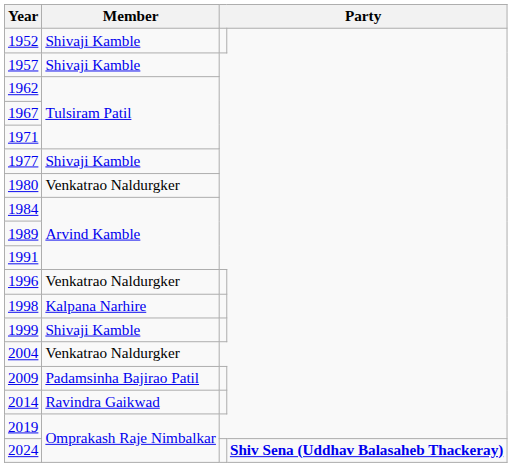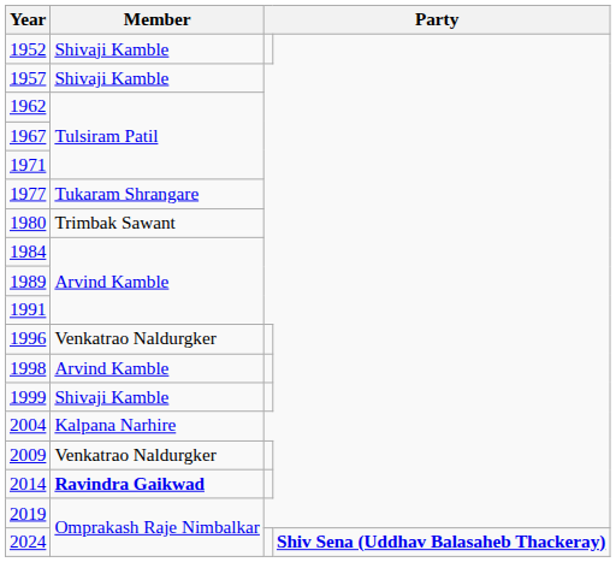 <table class="wikitable">
 <tr>
 <th>Year</th>
 <th>Member</th>
 <th colspan="2">Party</th>
 </tr>
 <tr |->
 <td><a href='#'>1952</a></td>
 <td><a href='#'>Shivaji Kamble</a></td>
 <td></td>
 </tr>
 <tr |->
 <td><a href='#'>1957</a></td>
 <td><a href='#'>Shivaji Kamble</a></td>
 </tr>
 <tr>
 <td><a href='#'>1962</a></td>
 <td rowspan="3"><a href='#'>Tulsiram Patil</a></td>
 </tr>
 <tr>
 <td><a href='#'>1967</a></td>
 </tr>
 <tr>
 <td><a href='#'>1971</a></td>
 </tr>
 <tr>
 <td><a href='#'>1977</a></td>
-<td><a href='#'>Shivaji Kamble</a></td>
+<td><a href='#'>Tukaram Shrangare</a></td>
 </tr>
 <tr>
 <td><a href='#'>1980</a></td>
-<td>Venkatrao Naldurgker</td>
+<td>Trimbak Sawant</td>
 </tr>
 <tr>
 <td><a href='#'>1984</a></td>
 <td rowspan="3"><a href='#'>Arvind Kamble</a></td>
 </tr>
 <tr>
 <td><a href='#'>1989</a></td>
 </tr>
 <tr>
 <td><a href='#'>1991</a></td>
 </tr>
 <tr>
 <td><a href='#'>1996</a></td>
 <td>Venkatrao Naldurgker</td>
 <td></td>
 </tr>
 <tr>
 <td><a href='#'>1998</a></td>
-<td><a href='#'>Kalpana Narhire</a></td>
+<td><a href='#'>Arvind Kamble</a></td>
 <td></td>
 </tr>
 <tr>
 <td><a href='#'>1999</a></td>
 <td><a href='#'>Shivaji Kamble</a></td>
 <td></td>
 </tr>
 <tr>
 <td><a href='#'>2004</a></td>
-<td>Venkatrao Naldurgker</td>
+<td><a href='#'>Kalpana Narhire</a></td>
 </tr>
 <tr>
 <td><a href='#'>2009</a></td>
-<td><a href='#'>Padamsinha Bajirao Patil</a></td>
+<td>Venkatrao Naldurgker</td>
 <td></td>
 </tr>
 <tr>
 <td><a href='#'>2014</a></td>
-<td><a href='#'>Ravindra Gaikwad</a></td>
+<td><strong><a href='#'>Ravindra Gaikwad</a></strong></td>
 <td></td>
 </tr>
 <tr>
 <td><a href='#'>2019</a></td>
 <td rowspan="2"><a href='#'>Omprakash Raje Nimbalkar</a></td>
 </tr>
 <tr>
 <td><a href='#'>2024</a></td>
 <td style="background-color: "></td>
 <td><strong><a href='#'>Shiv Sena (Uddhav Balasaheb Thackeray)</a></strong></td>
 </tr>
 </table>
